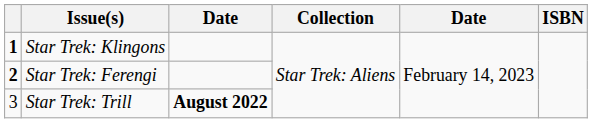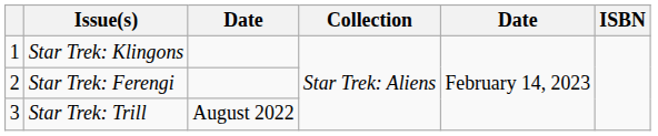 <table class="wikitable">
 <tr>
 <th></th>
 <th>Issue(s)</th>
 <th>Date</th>
 <th>Collection</th>
 <th>Date</th>
 <th>ISBN</th>
 </tr>
 <tr>
-<td><strong>1</strong></td>
+<td>1</td>
 <td><em>Star Trek: Klingons</em></td>
 <td></td>
 <td rowspan="3"><em>Star Trek: Aliens</em></td>
 <td rowspan="3">February 14, 2023</td>
 <td rowspan="3"></td>
 </tr>
 <tr>
-<td><strong>2</strong></td>
+<td>2</td>
 <td><em>Star Trek: Ferengi</em></td>
 <td></td>
 </tr>
 <tr>
 <td>3</td>
 <td><em>Star Trek: Trill</em></td>
-<td><strong>August 2022</strong></td>
+<td>August 2022</td>
 </tr>
 </table>
